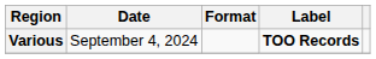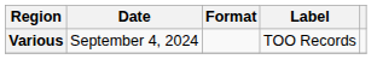 <table class="wikitable plainrowheaders">
 <tr>
 <th scope="col">Region</th>
 <th scope="col">Date</th>
 <th scope="col">Format</th>
 <th scope="col">Label</th>
 <th scope="col"></th>
 </tr>
 <tr>
 <th scope="row">Various</th>
 <td>September 4, 2024</td>
 <td></td>
-<td><strong>TOO Records</strong></td>
+<td>TOO Records</td>
 <td style="text-align:center"></td>
 </tr>
 <tr>
 </tr>
 </table>
